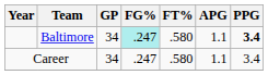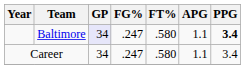 <table class="wikitable sortable" style="font-size:95%; text-align:right;">
 <tr>
 <th>Year</th>
 <th>Team</th>
 <th>GP</th>
 <th>FG%</th>
 <th>FT%</th>
 <th>APG</th>
 <th>PPG</th>
 </tr>
 <tr>
 <td style="text-align:left;"></td>
 <td style="text-align:left;"><a href='#'>Baltimore</a></td>
-<td>34</td>
-<td style="background: paleturquoise;">.247</td>
+<td style="background: lavender;">34</td>
+<td>.247</td>
 <td>.580</td>
 <td>1.1</td>
 <td><strong>3.4</strong></td>
 </tr>
 <tr>
 <td style="text-align:center;" colspan="2">Career</td>
 <td>34</td>
 <td>.247</td>
 <td>.580</td>
 <td>1.1</td>
 <td>3.4</td>
 </tr>
 <tr>
 </tr>
 </table>
